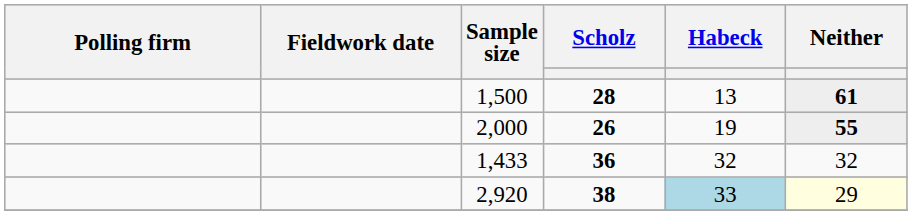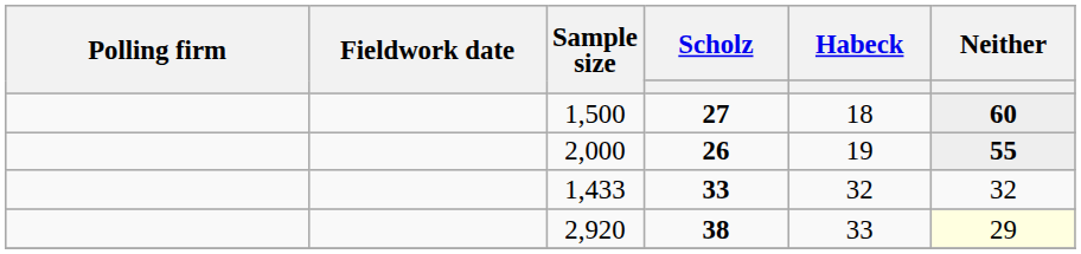 <table class="wikitable sortable mw-datatable" style="text-align:center;font-size:90%;line-height:14px;">
 <tr style="height:40px;">
 <th style="width:155px;" rowspan="2">Polling firm</th>
 <th style="width:120px;" rowspan="2">Fieldwork date</th>
 <th style="width: 35px;" rowspan="2">Sample<br>size</th>
 <th class="unsortable" style="width:70px;"><a href='#'>Scholz</a><br></th>
 <th class="unsortable" style="width:70px;"><a href='#'>Habeck</a><br></th>
 <th class="unsortable" style="width:70px;">Neither</th>
 </tr>
 <tr>
 <th style="background:"></th>
 <th style="background:"></th>
 <th style="background:"></th>
 </tr>
 <tr>
 <td></td>
 <td></td>
 <td>1,500</td>
-<td><strong>28</strong></td>
-<td>13</td>
-<td style="background:#EEEEEE;"><strong>61</strong></td>
+<td><strong>27</strong></td>
+<td>18</td>
+<td style="background:#EEEEEE;"><strong>60</strong></td>
 </tr>
 <tr>
 <td></td>
 <td></td>
 <td>2,000</td>
 <td><strong>26</strong></td>
 <td>19</td>
 <td style="background:#EEEEEE;"><strong>55</strong></td>
 </tr>
 <tr>
 <td></td>
 <td></td>
 <td>1,433</td>
-<td><strong>36</strong></td>
+<td><strong>33</strong></td>
 <td>32</td>
 <td>32</td>
 </tr>
 <tr>
 <td></td>
 <td></td>
 <td>2,920</td>
 <td><strong>38</strong></td>
-<td style="background: lightblue;">33</td>
+<td>33</td>
 <td style="background: lightyellow;">29</td>
 </tr>
 <tr>
 </tr>
 </table>
